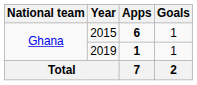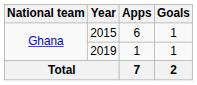 <table class="wikitable" style="text-align:center">
 <tr>
 <th>National team</th>
 <th>Year</th>
 <th>Apps</th>
 <th>Goals</th>
 </tr>
 <tr>
 <td rowspan="2"><a href='#'>Ghana</a></td>
 <td>2015</td>
-<td><strong>6</strong></td>
+<td>6</td>
 <td>1</td>
 </tr>
 <tr>
 <td>2019</td>
-<td><strong>1</strong></td>
+<td>1</td>
 <td>1</td>
 </tr>
 <tr>
 <th colspan="2">Total</th>
 <th>7</th>
 <th>2</th>
 </tr>
 </table>
